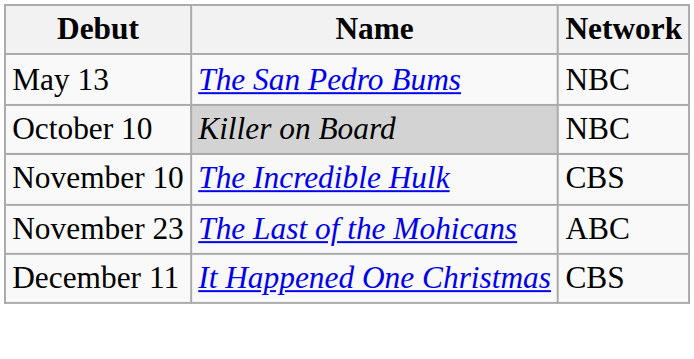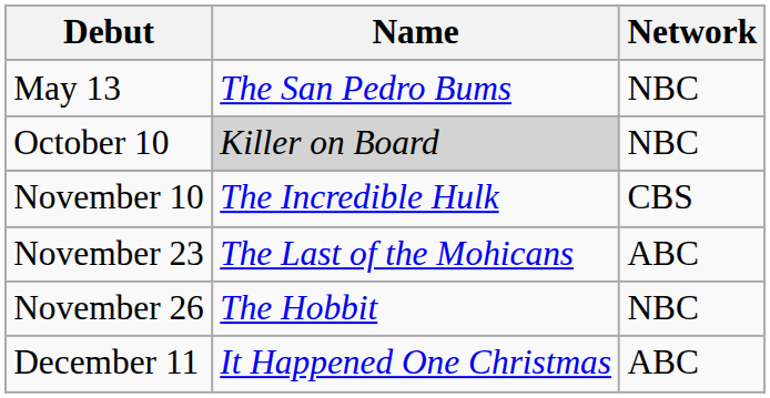 <table class="wikitable">
 <tr bgcolor="#CCCCCC">
 <th>Debut</th>
 <th>Name</th>
 <th>Network</th>
 </tr>
 <tr>
 <td>May 13</td>
 <td><em><a href='#'>The San Pedro Bums</a></em></td>
 <td>NBC</td>
 </tr>
 <tr>
 <td>October 10</td>
 <td style="background: lightgrey;"><em>Killer on Board</em></td>
 <td>NBC</td>
 </tr>
 <tr>
 </tr>
 <tr>
 <td>November 10</td>
 <td><em><a href='#'>The Incredible Hulk</a></em></td>
 <td>CBS</td>
 </tr>
 <tr>
 <td>November 23</td>
 <td><em><a href='#'>The Last of the Mohicans</a></em></td>
 <td>ABC</td>
 </tr>
 <tr>
+<td>November 26</td>
+<td><em><a href='#'>The Hobbit</a></em></td>
+<td>NBC</td>
+</tr>
+<tr>
 <td>December 11</td>
 <td><em><a href='#'>It Happened One Christmas</a></em></td>
-<td>CBS</td>
+<td>ABC</td>
 </tr>
 </table>
